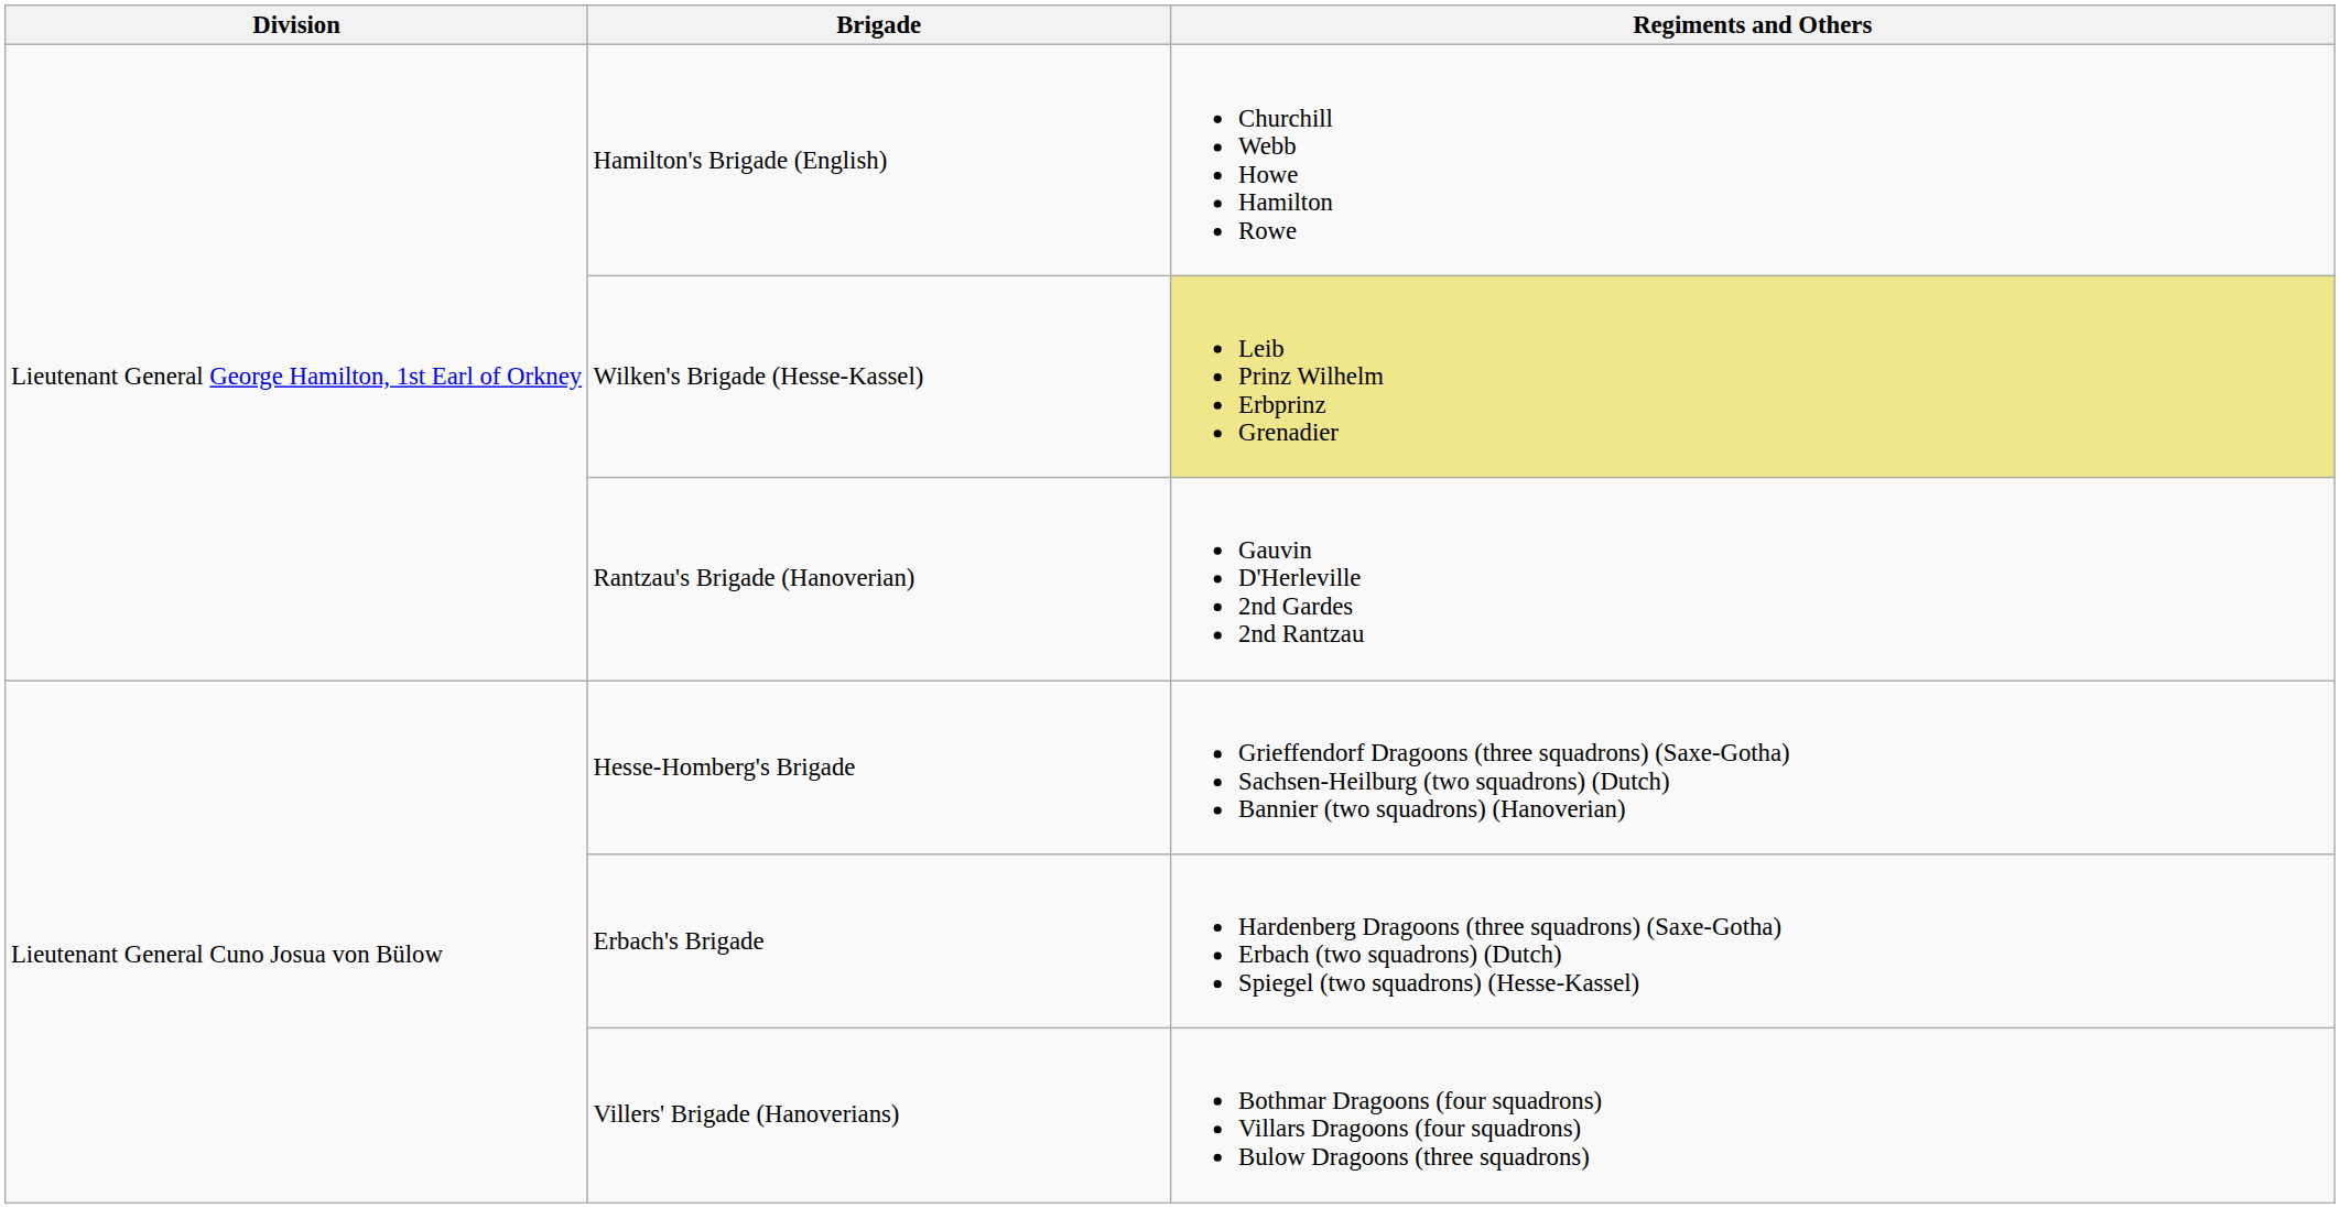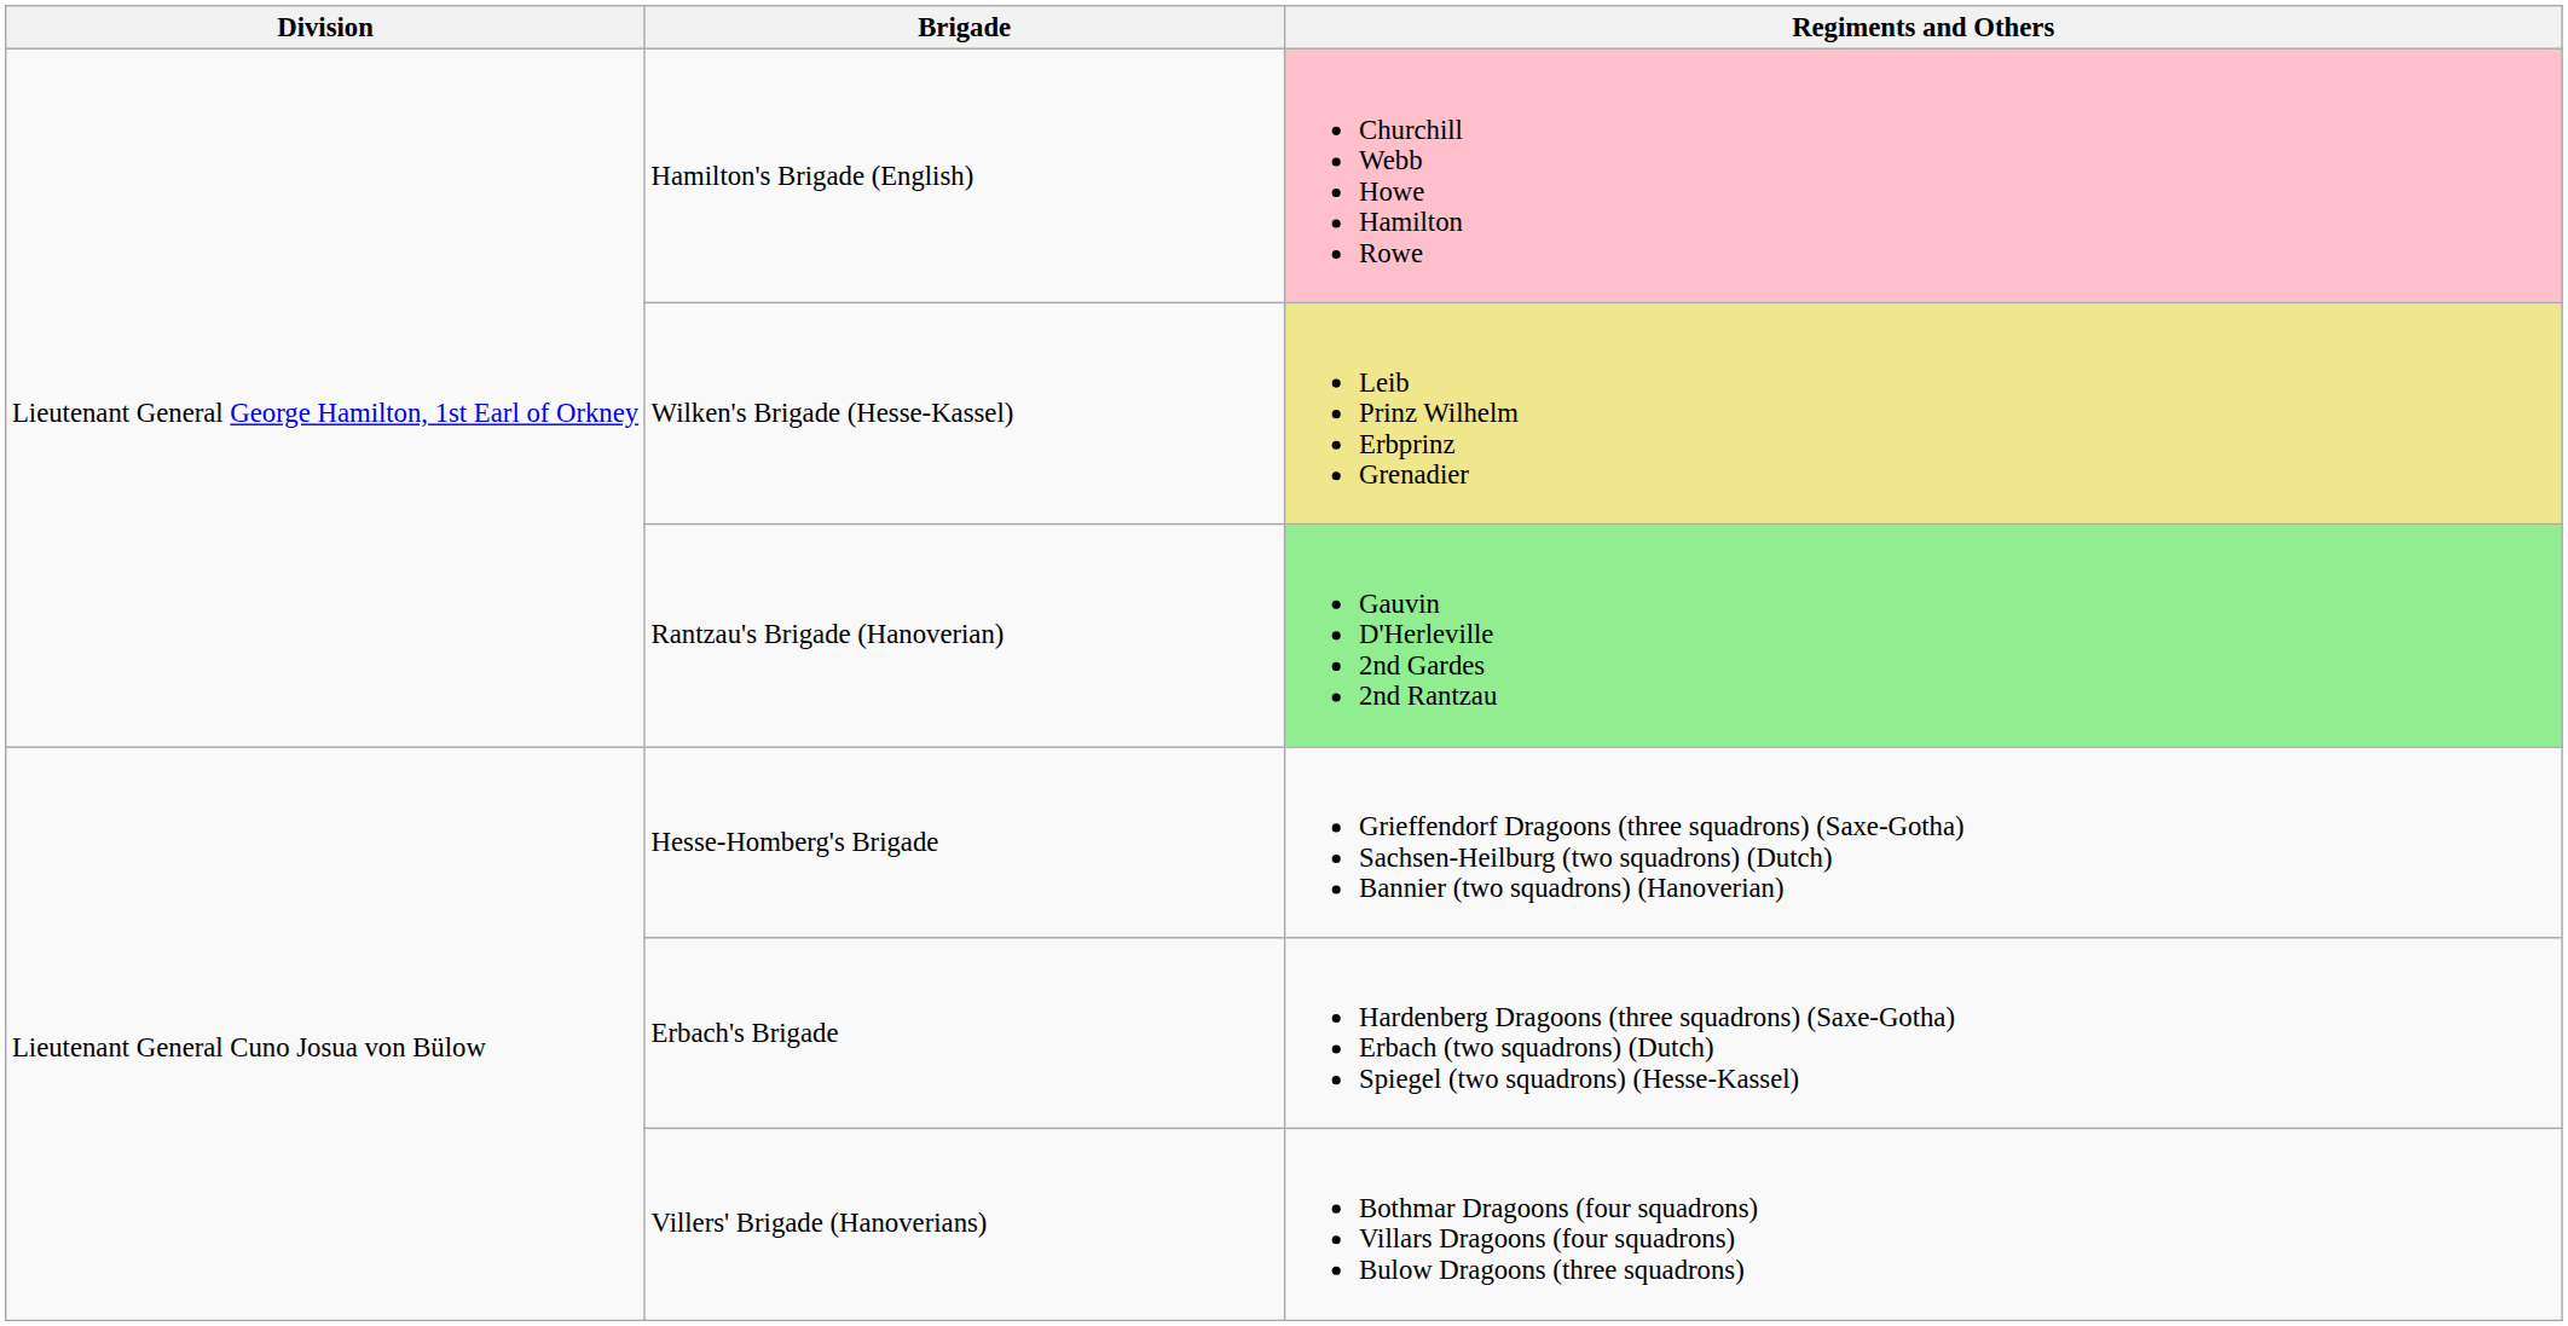 <table class="wikitable">
 <tr>
 <th width=25%>Division</th>
 <th width=25%>Brigade</th>
 <th>Regiments and Others</th>
 </tr>
 <tr>
 <td rowspan=3><br>Lieutenant General <a href='#'>George Hamilton, 1st Earl of Orkney</a></td>
 <td>Hamilton's Brigade (English)</td>
-<td><br><ul><li>Churchill</li><li>Webb</li><li>Howe</li><li>Hamilton</li><li>Rowe</li></ul></td>
+<td style="background: pink;"><br><ul><li>Churchill</li><li>Webb</li><li>Howe</li><li>Hamilton</li><li>Rowe</li></ul></td>
 </tr>
 <tr>
 <td>Wilken's Brigade (Hesse-Kassel)</td>
 <td style="background: khaki;"><br><ul><li>Leib</li><li>Prinz Wilhelm</li><li>Erbprinz</li><li>Grenadier</li></ul></td>
 </tr>
 <tr>
 <td>Rantzau's Brigade (Hanoverian)</td>
-<td><br><ul><li>Gauvin</li><li>D'Herleville</li><li>2nd Gardes</li><li>2nd Rantzau</li></ul></td>
+<td style="background: lightgreen;"><br><ul><li>Gauvin</li><li>D'Herleville</li><li>2nd Gardes</li><li>2nd Rantzau</li></ul></td>
 </tr>
 <tr>
 <td rowspan=3><br>Lieutenant General Cuno Josua von Bülow</td>
 <td>Hesse-Homberg's Brigade</td>
 <td><br><ul><li>Grieffendorf Dragoons (three squadrons) (Saxe-Gotha)</li><li>Sachsen-Heilburg (two squadrons) (Dutch)</li><li>Bannier (two squadrons) (Hanoverian)</li></ul></td>
 </tr>
 <tr>
 <td>Erbach's Brigade</td>
 <td><br><ul><li>Hardenberg Dragoons (three squadrons) (Saxe-Gotha)</li><li>Erbach (two squadrons) (Dutch)</li><li>Spiegel (two squadrons) (Hesse-Kassel)</li></ul></td>
 </tr>
 <tr>
 <td>Villers' Brigade (Hanoverians)</td>
 <td><br><ul><li>Bothmar Dragoons (four squadrons)</li><li>Villars Dragoons (four squadrons)</li><li>Bulow Dragoons (three squadrons)</li></ul></td>
 </tr>
 </table>
